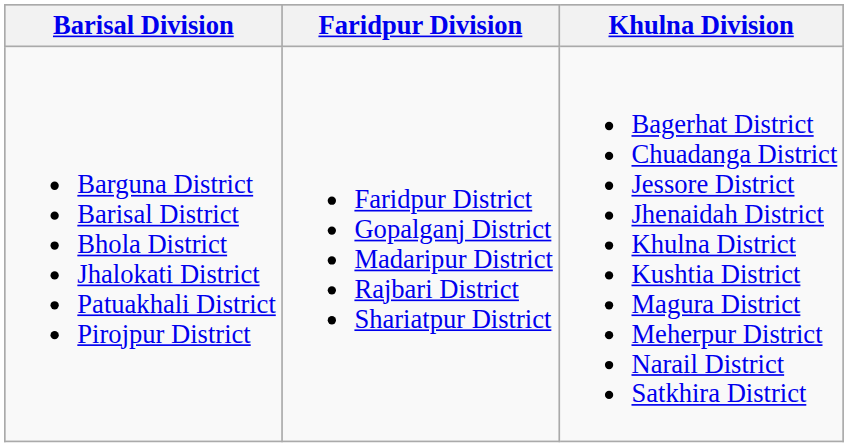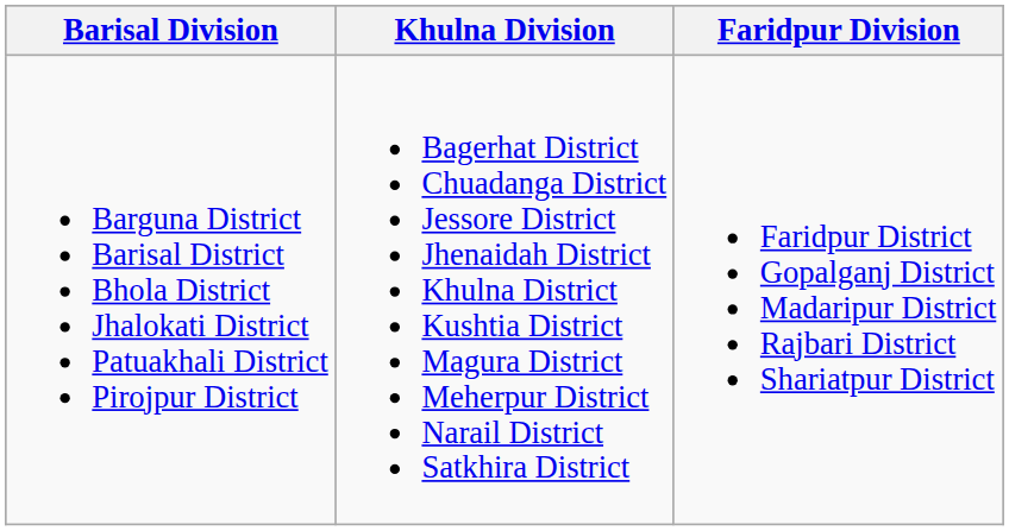 <table class="wikitable" style="text-align: left;">
 <tr>
 <th><strong><a href='#'>Barisal Division</a></strong></th>
+<th><strong><a href='#'>Khulna Division</a></strong></th>
 <th><strong><a href='#'>Faridpur Division</a></strong></th>
-<th><strong><a href='#'>Khulna Division</a></strong></th>
 </tr>
 <tr>
 <td><br><ul><li><a href='#'>Barguna District</a></li><li><a href='#'>Barisal District</a></li><li><a href='#'>Bhola District</a></li><li><a href='#'>Jhalokati District</a></li><li><a href='#'>Patuakhali District</a></li><li><a href='#'>Pirojpur District</a></li></ul></td>
+<td><br><ul><li><a href='#'>Bagerhat District</a></li><li><a href='#'>Chuadanga District</a></li><li><a href='#'>Jessore District</a></li><li><a href='#'>Jhenaidah District</a></li><li><a href='#'>Khulna District</a></li><li><a href='#'>Kushtia District</a></li><li><a href='#'>Magura District</a></li><li><a href='#'>Meherpur District</a></li><li><a href='#'>Narail District</a></li><li><a href='#'>Satkhira District</a></li></ul></td>
 <td><br><ul><li><a href='#'>Faridpur District</a></li><li><a href='#'>Gopalganj District</a></li><li><a href='#'>Madaripur District</a></li><li><a href='#'>Rajbari District</a></li><li><a href='#'>Shariatpur District</a></li></ul></td>
-<td><br><ul><li><a href='#'>Bagerhat District</a></li><li><a href='#'>Chuadanga District</a></li><li><a href='#'>Jessore District</a></li><li><a href='#'>Jhenaidah District</a></li><li><a href='#'>Khulna District</a></li><li><a href='#'>Kushtia District</a></li><li><a href='#'>Magura District</a></li><li><a href='#'>Meherpur District</a></li><li><a href='#'>Narail District</a></li><li><a href='#'>Satkhira District</a></li></ul></td>
 </tr>
 </table>
